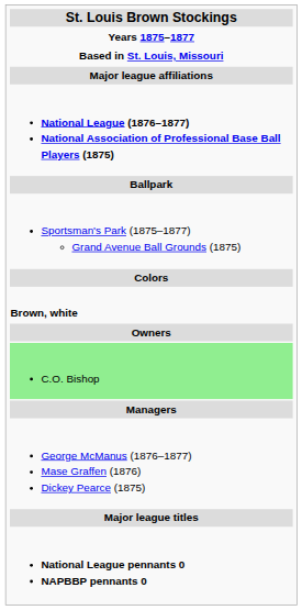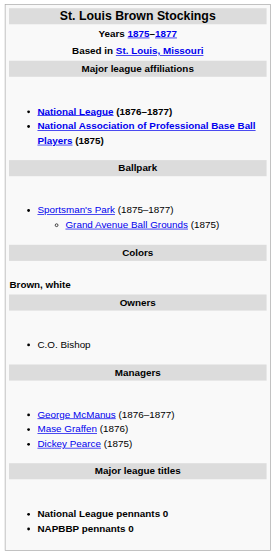 <table class="infobox vcard" style="width: 27em; font-size: 88%; text-align: left; line-height: 1.5em">
 <tr>
 <th class="fn org" style="font-size: 125%; text-align: center; background-color: #dcdcdc;margin-bottom:3px;">St. Louis Brown Stockings</th>
 </tr>
 <tr>
 <th style="text-align: center">Years <a href='#'>1875</a>–<a href='#'>1877</a></th>
 </tr>
 <tr>
 <th style="text-align: center">Based in <a href='#'>St. Louis, Missouri</a></th>
 </tr>
 <tr>
 <th style="background-color: #dcdcdc; text-align: center">Major league affiliations</th>
 </tr>
 <tr>
 <th><br><ul><li><a href='#'>National League</a> (1876–1877)</li><li><a href='#'>National Association of Professional Base Ball Players</a> (1875)</li></ul></th>
 </tr>
 <tr>
 <th style="background-color: #dcdcdc; text-align: center">Ballpark</th>
 </tr>
 <tr>
 <td><br><ul><li><a href='#'>Sportsman's Park</a> (1875–1877)<ul><li><a href='#'>Grand Avenue Ball Grounds</a> (1875)</li></ul></li></ul></td>
 </tr>
 <tr>
 <th style="background-color: #dcdcdc; text-align: center">Colors</th>
 </tr>
 <tr>
 <td><strong><br>Brown, white<br>  </strong></td>
 </tr>
 <tr>
 <th style="background-color: #dcdcdc; text-align: center">Owners</th>
 </tr>
 <tr>
-<td style="background: lightgreen;"><br><ul><li>C.O. Bishop</li></ul></td>
+<td><br><ul><li>C.O. Bishop</li></ul></td>
 </tr>
 <tr>
 <th style="background-color: #dcdcdc; text-align: center">Managers</th>
 </tr>
 <tr>
 <td><br><ul><li><a href='#'>George McManus</a> (1876–1877)</li><li><a href='#'>Mase Graffen</a> (1876)</li><li><a href='#'>Dickey Pearce</a> (1875)</li></ul></td>
 </tr>
 <tr>
 <th style="background-color: #dcdcdc; text-align: center">Major league titles</th>
 </tr>
 <tr>
 <td><br><ul><li><strong>National League pennants</strong>  <strong>0</strong></li><li><strong>NAPBBP pennants</strong> <strong>0</strong></li></ul></td>
 </tr>
 </table>
